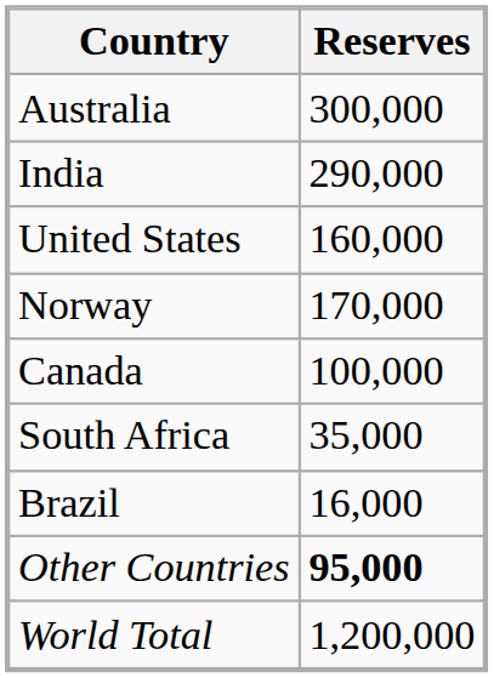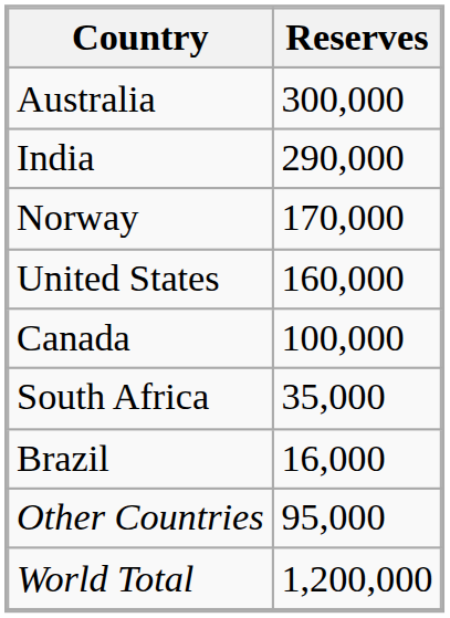 <table class="wikitable col2right" style="display: inline-block;">
 <tr>
 <th>Country</th>
 <th>Reserves</th>
 </tr>
 <tr>
 <td>Australia</td>
 <td>300,000</td>
 </tr>
 <tr>
 <td>India</td>
 <td>290,000</td>
 </tr>
 <tr>
+<td>Norway</td>
+<td>170,000</td>
+</tr>
+<tr>
 <td>United States</td>
 <td>160,000</td>
-</tr>
-<tr>
-<td>Norway</td>
-<td>170,000</td>
 </tr>
 <tr>
 <td>Canada</td>
 <td>100,000</td>
 </tr>
 <tr>
 <td>South Africa</td>
 <td>35,000</td>
 </tr>
 <tr>
 <td>Brazil</td>
 <td>16,000</td>
 </tr>
 <tr>
 <td><em>Other Countries</em></td>
-<td><strong>95,000</strong></td>
+<td>95,000</td>
 </tr>
 <tr>
 <td><em>World Total</em></td>
 <td>1,200,000</td>
 </tr>
 </table>
